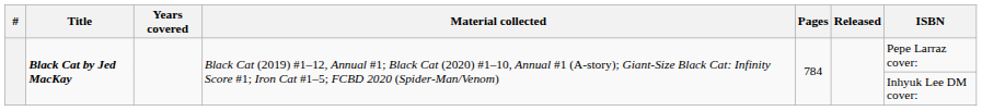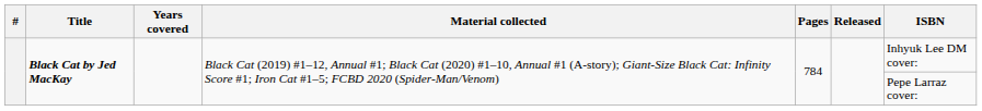 <table class="wikitable sortable" width="99%">
 <tr>
 <th class="unsortable" width="20px">#</th>
 <th>Title</th>
 <th>Years covered</th>
 <th class="unsortable">Material collected</th>
 <th>Pages</th>
 <th>Released</th>
 <th class="unsortable">ISBN</th>
 </tr>
 <tr>
 <th rowspan="2" style="background-color: light grey;"></th>
 <td rowspan="2"><strong><em>Black Cat by Jed MacKay</em></strong></td>
 <td rowspan="2"></td>
 <td rowspan="2"><em>Black Cat</em> (2019) #1–12, <em>Annual</em> #1; <em>Black Cat</em> (2020) #1–10, <em>Annual</em> #1 (A-story); <em>Giant-Size Black Cat: Infinity Score</em> #1; <em>Iron Cat</em> #1–5; <em>FCBD 2020</em> (<em>Spider-Man/Venom</em>)</td>
 <td rowspan="2" style="text-align: center;">784</td>
 <td rowspan="2"></td>
+<td>Inhyuk Lee DM cover: </td>
+</tr>
+<tr>
 <td>Pepe Larraz cover: </td>
 </tr>
-<tr>
-<td>Inhyuk Lee DM cover: </td>
-</tr>
 </table>
